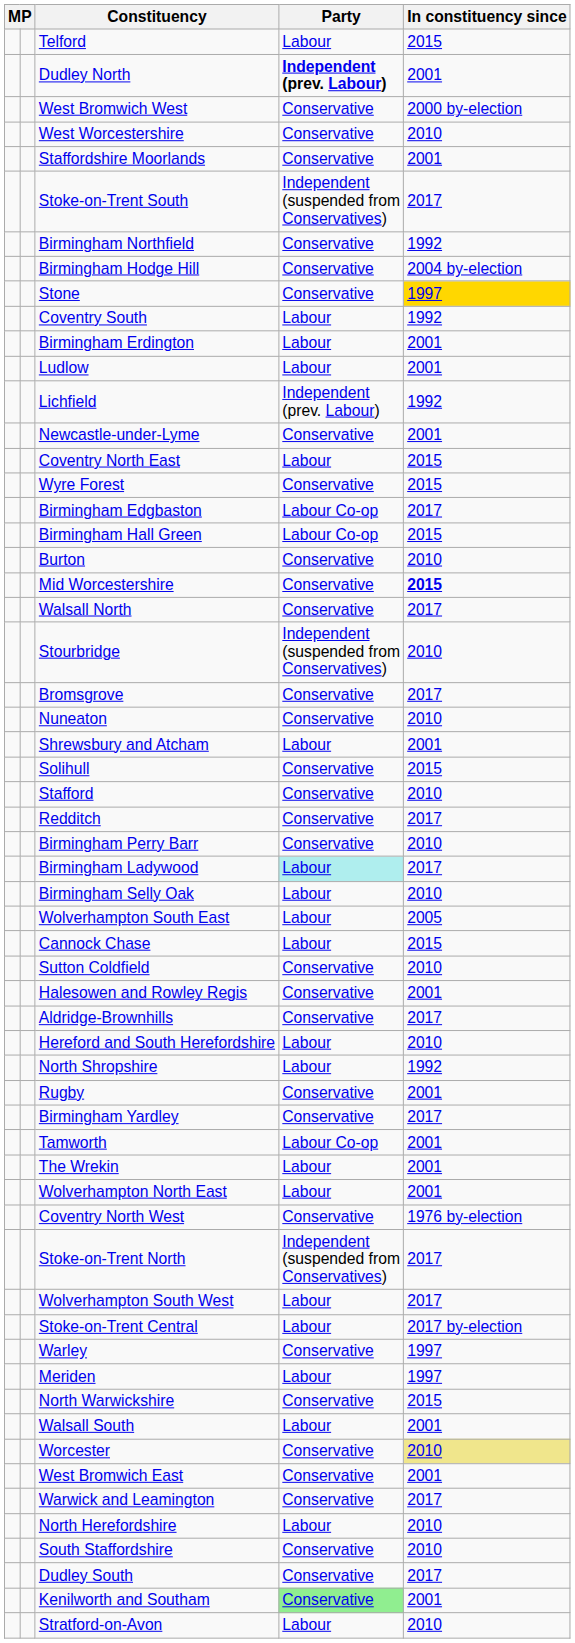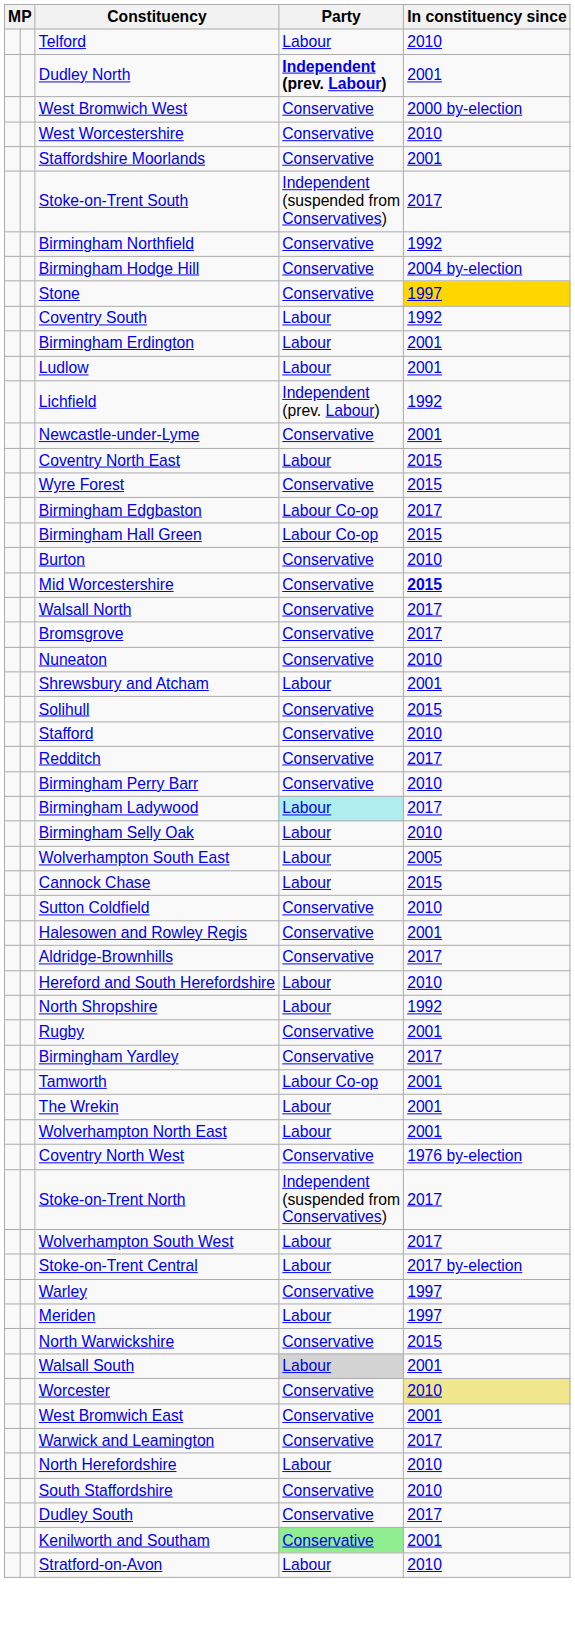 <table class="wikitable sortable">
 <tr>
 <th colspan=2>MP</th>
 <th>Constituency</th>
 <th>Party</th>
 <th>In constituency since</th>
 </tr>
 <tr>
 <td></td>
 <td></td>
 <td><a href='#'>Telford</a></td>
 <td><a href='#'>Labour</a></td>
-<td><a href='#'>2015</a></td>
+<td><a href='#'>2010</a></td>
 </tr>
 <tr>
 <td></td>
 <td></td>
 <td><a href='#'>Dudley North</a></td>
 <td><strong><a href='#'>Independent</a><br>(prev. <a href='#'>Labour</a>)</strong></td>
 <td><a href='#'>2001</a></td>
 </tr>
 <tr>
 <td></td>
 <td></td>
 <td><a href='#'>West Bromwich West</a></td>
 <td><a href='#'>Conservative</a></td>
 <td><a href='#'>2000 by-election</a></td>
 </tr>
 <tr>
 <td></td>
 <td></td>
 <td><a href='#'>West Worcestershire</a></td>
 <td><a href='#'>Conservative</a></td>
 <td><a href='#'>2010</a></td>
 </tr>
 <tr>
 <td></td>
 <td></td>
 <td><a href='#'>Staffordshire Moorlands</a></td>
 <td><a href='#'>Conservative</a></td>
 <td><a href='#'>2001</a></td>
 </tr>
 <tr>
 <td></td>
 <td></td>
 <td><a href='#'>Stoke-on-Trent South</a></td>
 <td><a href='#'>Independent</a><br>(suspended from<br><a href='#'>Conservatives</a>)</td>
 <td><a href='#'>2017</a></td>
 </tr>
 <tr>
 <td></td>
 <td></td>
 <td><a href='#'>Birmingham Northfield</a></td>
 <td><a href='#'>Conservative</a></td>
 <td><a href='#'>1992</a></td>
 </tr>
 <tr>
 <td></td>
 <td></td>
 <td><a href='#'>Birmingham Hodge Hill</a></td>
 <td><a href='#'>Conservative</a></td>
 <td><a href='#'>2004 by-election</a></td>
 </tr>
 <tr>
 <td></td>
 <td></td>
 <td><a href='#'>Stone</a></td>
 <td><a href='#'>Conservative</a></td>
 <td style="background: gold;"><a href='#'>1997</a></td>
 </tr>
 <tr>
 <td></td>
 <td></td>
 <td><a href='#'>Coventry South</a></td>
 <td><a href='#'>Labour</a></td>
 <td><a href='#'>1992</a></td>
 </tr>
 <tr>
 <td></td>
 <td></td>
 <td><a href='#'>Birmingham Erdington</a></td>
 <td><a href='#'>Labour</a></td>
 <td><a href='#'>2001</a></td>
 </tr>
 <tr>
 <td></td>
 <td></td>
 <td><a href='#'>Ludlow</a></td>
 <td><a href='#'>Labour</a></td>
 <td><a href='#'>2001</a></td>
 </tr>
 <tr>
 <td></td>
 <td></td>
 <td><a href='#'>Lichfield</a></td>
 <td><a href='#'>Independent</a><br>(prev. <a href='#'>Labour</a>)</td>
 <td><a href='#'>1992</a></td>
 </tr>
 <tr>
 <td></td>
 <td></td>
 <td><a href='#'>Newcastle-under-Lyme</a></td>
 <td><a href='#'>Conservative</a></td>
 <td><a href='#'>2001</a></td>
 </tr>
 <tr>
 <td></td>
 <td></td>
 <td><a href='#'>Coventry North East</a></td>
 <td><a href='#'>Labour</a></td>
 <td><a href='#'>2015</a></td>
 </tr>
 <tr>
 <td></td>
 <td></td>
 <td><a href='#'>Wyre Forest</a></td>
 <td><a href='#'>Conservative</a></td>
 <td><a href='#'>2015</a></td>
 </tr>
 <tr>
 <td></td>
 <td></td>
 <td><a href='#'>Birmingham Edgbaston</a></td>
 <td><a href='#'>Labour Co-op</a></td>
 <td><a href='#'>2017</a></td>
 </tr>
 <tr>
 <td></td>
 <td></td>
 <td><a href='#'>Birmingham Hall Green</a></td>
 <td><a href='#'>Labour Co-op</a></td>
 <td><a href='#'>2015</a></td>
 </tr>
 <tr>
 <td></td>
 <td></td>
 <td><a href='#'>Burton</a></td>
 <td><a href='#'>Conservative</a></td>
 <td><a href='#'>2010</a></td>
 </tr>
 <tr>
 <td></td>
 <td></td>
 <td><a href='#'>Mid Worcestershire</a></td>
 <td><a href='#'>Conservative</a></td>
 <td><strong><a href='#'>2015</a></strong></td>
 </tr>
 <tr>
 <td></td>
 <td></td>
 <td><a href='#'>Walsall North</a></td>
 <td><a href='#'>Conservative</a></td>
 <td><a href='#'>2017</a></td>
-</tr>
-<tr>
-<td></td>
-<td></td>
-<td><a href='#'>Stourbridge</a></td>
-<td><a href='#'>Independent</a><br>(suspended from<br><a href='#'>Conservatives</a>)</td>
-<td><a href='#'>2010</a></td>
 </tr>
 <tr>
 <td></td>
 <td></td>
 <td><a href='#'>Bromsgrove</a></td>
 <td><a href='#'>Conservative</a></td>
 <td><a href='#'>2017</a></td>
 </tr>
 <tr>
 <td></td>
 <td></td>
 <td><a href='#'>Nuneaton</a></td>
 <td><a href='#'>Conservative</a></td>
 <td><a href='#'>2010</a></td>
 </tr>
 <tr>
 <td></td>
 <td></td>
 <td><a href='#'>Shrewsbury and Atcham</a></td>
 <td><a href='#'>Labour</a></td>
 <td><a href='#'>2001</a></td>
 </tr>
 <tr>
 <td></td>
 <td></td>
 <td><a href='#'>Solihull</a></td>
 <td><a href='#'>Conservative</a></td>
 <td><a href='#'>2015</a></td>
 </tr>
 <tr>
 <td></td>
 <td></td>
 <td><a href='#'>Stafford</a></td>
 <td><a href='#'>Conservative</a></td>
 <td><a href='#'>2010</a></td>
 </tr>
 <tr>
 <td></td>
 <td></td>
 <td><a href='#'>Redditch</a></td>
 <td><a href='#'>Conservative</a></td>
 <td><a href='#'>2017</a></td>
 </tr>
 <tr>
 <td></td>
 <td></td>
 <td><a href='#'>Birmingham Perry Barr</a></td>
 <td><a href='#'>Conservative</a></td>
 <td><a href='#'>2010</a></td>
 </tr>
 <tr>
 <td></td>
 <td></td>
 <td><a href='#'>Birmingham Ladywood</a></td>
 <td style="background: paleturquoise;"><a href='#'>Labour</a></td>
 <td><a href='#'>2017</a></td>
 </tr>
 <tr>
 <td></td>
 <td></td>
 <td><a href='#'>Birmingham Selly Oak</a></td>
 <td><a href='#'>Labour</a></td>
 <td><a href='#'>2010</a></td>
 </tr>
 <tr>
 <td></td>
 <td></td>
 <td><a href='#'>Wolverhampton South East</a></td>
 <td><a href='#'>Labour</a></td>
 <td><a href='#'>2005</a></td>
 </tr>
 <tr>
 <td></td>
 <td></td>
 <td><a href='#'>Cannock Chase</a></td>
 <td><a href='#'>Labour</a></td>
 <td><a href='#'>2015</a></td>
 </tr>
 <tr>
 <td></td>
 <td></td>
 <td><a href='#'>Sutton Coldfield</a></td>
 <td><a href='#'>Conservative</a></td>
 <td><a href='#'>2010</a></td>
 </tr>
 <tr>
 <td></td>
 <td></td>
 <td><a href='#'>Halesowen and Rowley Regis</a></td>
 <td><a href='#'>Conservative</a></td>
 <td><a href='#'>2001</a></td>
 </tr>
 <tr>
 <td></td>
 <td></td>
 <td><a href='#'>Aldridge-Brownhills</a></td>
 <td><a href='#'>Conservative</a></td>
 <td><a href='#'>2017</a></td>
 </tr>
 <tr>
 <td></td>
 <td></td>
 <td><a href='#'>Hereford and South Herefordshire</a></td>
 <td><a href='#'>Labour</a></td>
 <td><a href='#'>2010</a></td>
 </tr>
 <tr>
 <td></td>
 <td></td>
 <td><a href='#'>North Shropshire</a></td>
 <td><a href='#'>Labour</a></td>
 <td><a href='#'>1992</a></td>
 </tr>
 <tr>
 <td></td>
 <td></td>
 <td><a href='#'>Rugby</a></td>
 <td><a href='#'>Conservative</a></td>
 <td><a href='#'>2001</a></td>
 </tr>
 <tr>
 <td></td>
 <td></td>
 <td><a href='#'>Birmingham Yardley</a></td>
 <td><a href='#'>Conservative</a></td>
 <td><a href='#'>2017</a></td>
 </tr>
 <tr>
 <td></td>
 <td></td>
 <td><a href='#'>Tamworth</a></td>
 <td><a href='#'>Labour Co-op</a></td>
 <td><a href='#'>2001</a></td>
 </tr>
 <tr>
 <td></td>
 <td></td>
 <td><a href='#'>The Wrekin</a></td>
 <td><a href='#'>Labour</a></td>
 <td><a href='#'>2001</a></td>
 </tr>
 <tr>
 <td></td>
 <td></td>
 <td><a href='#'>Wolverhampton North East</a></td>
 <td><a href='#'>Labour</a></td>
 <td><a href='#'>2001</a></td>
 </tr>
 <tr>
 <td></td>
 <td></td>
 <td><a href='#'>Coventry North West</a></td>
 <td><a href='#'>Conservative</a></td>
 <td><a href='#'>1976 by-election</a></td>
 </tr>
 <tr>
 <td></td>
 <td></td>
 <td><a href='#'>Stoke-on-Trent North</a></td>
 <td><a href='#'>Independent</a><br>(suspended from<br><a href='#'>Conservatives</a>)</td>
 <td><a href='#'>2017</a></td>
 </tr>
 <tr>
 <td></td>
 <td></td>
 <td><a href='#'>Wolverhampton South West</a></td>
 <td><a href='#'>Labour</a></td>
 <td><a href='#'>2017</a></td>
 </tr>
 <tr>
 <td></td>
 <td></td>
 <td><a href='#'>Stoke-on-Trent Central</a></td>
 <td><a href='#'>Labour</a></td>
 <td><a href='#'>2017 by-election</a></td>
 </tr>
 <tr>
 <td></td>
 <td></td>
 <td><a href='#'>Warley</a></td>
 <td><a href='#'>Conservative</a></td>
 <td><a href='#'>1997</a></td>
 </tr>
 <tr>
 <td></td>
 <td></td>
 <td><a href='#'>Meriden</a></td>
 <td><a href='#'>Labour</a></td>
 <td><a href='#'>1997</a></td>
 </tr>
 <tr>
 <td></td>
 <td></td>
 <td><a href='#'>North Warwickshire</a></td>
 <td><a href='#'>Conservative</a></td>
 <td><a href='#'>2015</a></td>
 </tr>
 <tr>
 <td></td>
 <td></td>
 <td><a href='#'>Walsall South</a></td>
-<td><a href='#'>Labour</a></td>
+<td style="background: lightgrey;"><a href='#'>Labour</a></td>
 <td><a href='#'>2001</a></td>
 </tr>
 <tr>
 <td></td>
 <td></td>
 <td><a href='#'>Worcester</a></td>
 <td><a href='#'>Conservative</a></td>
 <td style="background: khaki;"><a href='#'>2010</a></td>
 </tr>
 <tr>
 <td></td>
 <td></td>
 <td><a href='#'>West Bromwich East</a></td>
 <td><a href='#'>Conservative</a></td>
 <td><a href='#'>2001</a></td>
 </tr>
 <tr>
 <td></td>
 <td></td>
 <td><a href='#'>Warwick and Leamington</a></td>
 <td><a href='#'>Conservative</a></td>
 <td><a href='#'>2017</a></td>
 </tr>
 <tr>
 <td></td>
 <td></td>
 <td><a href='#'>North Herefordshire</a></td>
 <td><a href='#'>Labour</a></td>
 <td><a href='#'>2010</a></td>
 </tr>
 <tr>
 <td></td>
 <td></td>
 <td><a href='#'>South Staffordshire</a></td>
 <td><a href='#'>Conservative</a></td>
 <td><a href='#'>2010</a></td>
 </tr>
 <tr>
 <td></td>
 <td></td>
 <td><a href='#'>Dudley South</a></td>
 <td><a href='#'>Conservative</a></td>
 <td><a href='#'>2017</a></td>
 </tr>
 <tr>
 <td></td>
 <td></td>
 <td><a href='#'>Kenilworth and Southam</a></td>
 <td style="background: lightgreen;"><a href='#'>Conservative</a></td>
 <td><a href='#'>2001</a></td>
 </tr>
 <tr>
 <td></td>
 <td></td>
 <td><a href='#'>Stratford-on-Avon</a></td>
 <td><a href='#'>Labour</a></td>
 <td><a href='#'>2010</a></td>
 </tr>
 </table>
